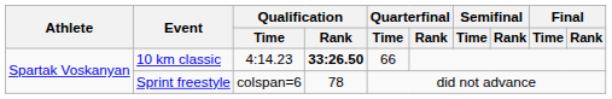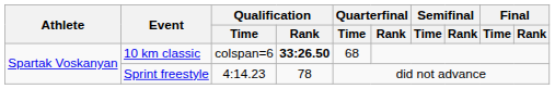 <table class="wikitable" style="font-size:90%">
 <tr>
 <th rowspan="2">Athlete</th>
 <th rowspan="2">Event</th>
 <th colspan="2">Qualification</th>
 <th colspan="2">Quarterfinal</th>
 <th colspan="2">Semifinal</th>
 <th colspan="2">Final</th>
 </tr>
 <tr style="font-size:95%">
 <th>Time</th>
 <th>Rank</th>
 <th>Time</th>
 <th>Rank</th>
 <th>Time</th>
 <th>Rank</th>
 <th>Time</th>
 <th>Rank</th>
 </tr>
 <tr align=center>
 <td align=left rowspan=2><a href='#'>Spartak Voskanyan</a></td>
 <td align=left><a href='#'>10 km classic</a></td>
-<td>4:14.23</td>
+<td>colspan=6 </td>
 <td><strong>33:26.50</strong></td>
-<td>66</td>
+<td>68</td>
 </tr>
 <tr align=center>
 <td align=left><a href='#'>Sprint freestyle</a></td>
-<td>colspan=6 </td>
+<td>4:14.23</td>
 <td>78</td>
 <td colspan=6>did not advance</td>
 </tr>
 </table>
